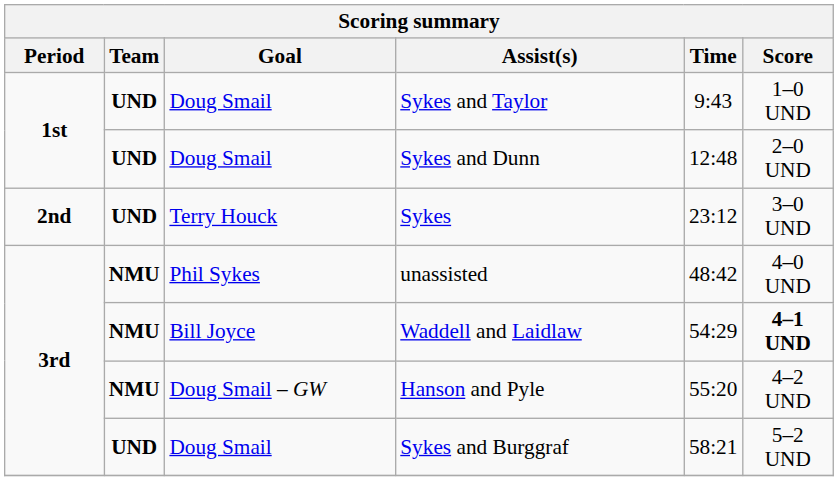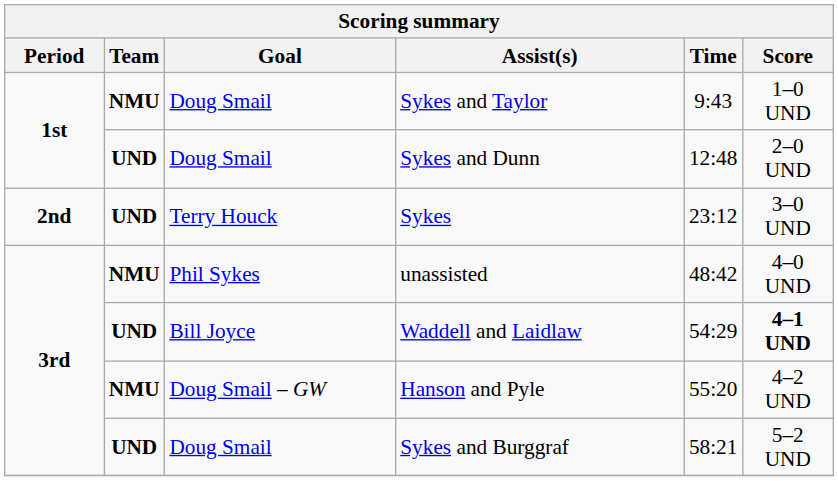 <table style="width:100%;" class="wikitable">
 <tr>
 <th colspan=6>Scoring summary</th>
 </tr>
 <tr>
 <th style="width:12%;">Period</th>
 <th style="width:7%;">Team</th>
 <th style="width:28%;">Goal</th>
 <th style="width:35%;">Assist(s)</th>
 <th style="width:7%;">Time</th>
 <th style="width:11%;">Score</th>
 </tr>
 <tr>
 <td style="text-align:center;" rowspan="2"><strong>1st</strong></td>
-<td align=center><strong>UND</strong></td>
+<td align=center><strong>NMU</strong></td>
 <td><a href='#'>Doug Smail</a></td>
 <td><a href='#'>Sykes</a> and <a href='#'>Taylor</a></td>
 <td align=center>9:43</td>
 <td align=center>1–0 UND</td>
 </tr>
 <tr>
 <td align=center><strong>UND</strong></td>
 <td><a href='#'>Doug Smail</a></td>
 <td><a href='#'>Sykes</a> and Dunn</td>
 <td align=center>12:48</td>
 <td align=center>2–0 UND</td>
 </tr>
 <tr>
 <td style="text-align:center;" rowspan="1"><strong>2nd</strong></td>
 <td align=center><strong>UND</strong></td>
 <td><a href='#'>Terry Houck</a></td>
 <td><a href='#'>Sykes</a></td>
 <td align=center>23:12</td>
 <td align=center>3–0 UND</td>
 </tr>
 <tr>
 <td style="text-align:center;" rowspan="4"><strong>3rd</strong></td>
 <td align=center><strong>NMU</strong></td>
 <td><a href='#'>Phil Sykes</a></td>
 <td>unassisted</td>
 <td align=center>48:42</td>
 <td align=center>4–0 UND</td>
 </tr>
 <tr>
-<td align=center><strong>NMU</strong></td>
+<td align=center><strong>UND</strong></td>
 <td><a href='#'>Bill Joyce</a></td>
 <td><a href='#'>Waddell</a> and <a href='#'>Laidlaw</a></td>
 <td align=center>54:29</td>
 <td align=center><strong>4–1 UND</strong></td>
 </tr>
 <tr>
 <td align=center><strong>NMU</strong></td>
 <td><a href='#'>Doug Smail</a> – <em>GW</em></td>
 <td><a href='#'>Hanson</a> and Pyle</td>
 <td align=center>55:20</td>
 <td align=center>4–2 UND</td>
 </tr>
 <tr>
 <td align=center><strong>UND</strong></td>
 <td><a href='#'>Doug Smail</a></td>
 <td><a href='#'>Sykes</a> and Burggraf</td>
 <td align=center>58:21</td>
 <td align=center>5–2 UND</td>
 </tr>
 <tr>
 </tr>
 </table>
